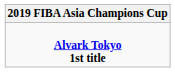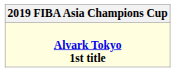 <table class=wikitable style="text-align:center; margin:auto">
 <tr>
 <th>2019 FIBA Asia Champions Cup</th>
 </tr>
 <tr>
-<td><br><strong><a href='#'>Alvark Tokyo</a></strong><br><strong>1st title</strong></td>
+<td style="background: lightyellow;"><br><strong><a href='#'>Alvark Tokyo</a></strong><br><strong>1st title</strong></td>
 </tr>
 </table>
